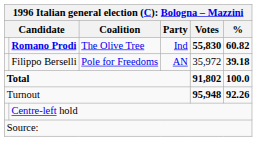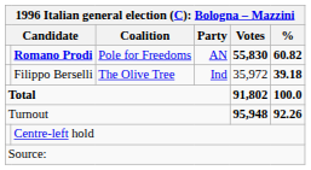 <table class=wikitable style=text-align:right>
 <tr>
 <th colspan=6>1996 Italian general election (<a href='#'>C</a>): <a href='#'>Bologna – Mazzini</a></th>
 </tr>
 <tr>
 <th colspan=2>Candidate</th>
 <th>Coalition</th>
 <th>Party</th>
 <th>Votes</th>
 <th>%</th>
 </tr>
 <tr>
 <td></td>
 <td align=left><strong><a href='#'>Romano Prodi</a></strong></td>
-<td align=left><a href='#'>The Olive Tree</a></td>
-<td><a href='#'>Ind</a></td>
+<td align=left><a href='#'>Pole for Freedoms</a></td>
+<td><a href='#'>AN</a></td>
 <td><strong>55,830</strong></td>
 <td><strong>60.82</strong></td>
 </tr>
 <tr>
 <td></td>
 <td align=left>Filippo Berselli</td>
-<td align=left><a href='#'>Pole for Freedoms</a></td>
-<td><a href='#'>AN</a></td>
+<td align=left><a href='#'>The Olive Tree</a></td>
+<td><a href='#'>Ind</a></td>
 <td>35,972</td>
 <td><strong>39.18</strong></td>
 </tr>
 <tr>
 <td align=left colspan=4><strong>Total</strong></td>
 <td><strong>91,802</strong></td>
 <td><strong>100.0</strong></td>
 </tr>
 <tr>
 <td align=left colspan=4>Turnout</td>
 <td><strong>95,948</strong></td>
 <td><strong>92.26</strong></td>
 </tr>
 <tr>
 <td></td>
 <td align=left colspan=5><a href='#'>Centre-left</a> hold</td>
 </tr>
 <tr>
 <td align=left colspan=6>Source: </td>
 </tr>
 </table>
